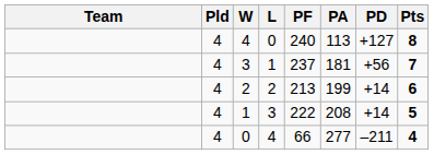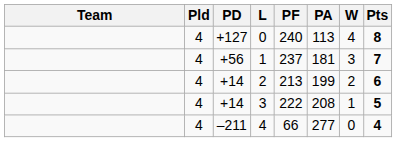 <table class="wikitable" style="text-align:center;">
 <tr>
 <th width=200>Team</th>
 <th width=20>Pld</th>
-<th width=20>W</th>
+<th width=30>PD</th>
 <th width=20>L</th>
 <th width=30>PF</th>
 <th width=30>PA</th>
-<th width=30>PD</th>
+<th width=20>W</th>
 <th width=20>Pts</th>
 </tr>
 <tr>
 <td align=left></td>
 <td>4</td>
-<td>4</td>
+<td>+127</td>
 <td>0</td>
 <td>240</td>
 <td>113</td>
-<td>+127</td>
+<td>4</td>
 <td><strong>8</strong></td>
 </tr>
 <tr>
 <td align=left></td>
 <td>4</td>
-<td>3</td>
+<td>+56</td>
 <td>1</td>
 <td>237</td>
 <td>181</td>
-<td>+56</td>
+<td>3</td>
 <td><strong>7</strong></td>
 </tr>
 <tr>
 <td align=left></td>
 <td>4</td>
-<td>2</td>
+<td>+14</td>
 <td>2</td>
 <td>213</td>
 <td>199</td>
-<td>+14</td>
+<td>2</td>
 <td><strong>6</strong></td>
 </tr>
 <tr>
 <td align=left></td>
 <td>4</td>
-<td>1</td>
+<td>+14</td>
 <td>3</td>
 <td>222</td>
 <td>208</td>
-<td>+14</td>
+<td>1</td>
 <td><strong>5</strong></td>
 </tr>
 <tr>
 <td align=left></td>
 <td>4</td>
-<td>0</td>
+<td>–211</td>
 <td>4</td>
 <td>66</td>
 <td>277</td>
-<td>–211</td>
+<td>0</td>
 <td><strong>4</strong></td>
 </tr>
 </table>
